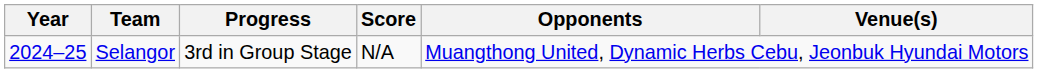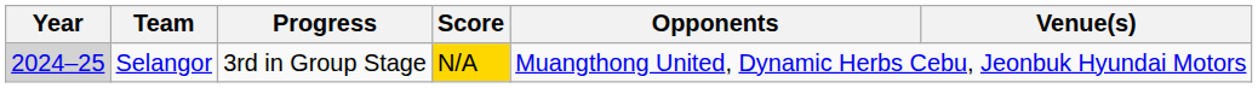 <table class="wikitable">
 <tr>
 <th>Year</th>
 <th>Team</th>
 <th>Progress</th>
 <th>Score</th>
 <th>Opponents</th>
 <th>Venue(s)</th>
 </tr>
 <tr>
-<td><a href='#'>2024–25</a></td>
+<td style="background: lightgrey;"><a href='#'>2024–25</a></td>
 <td><a href='#'>Selangor</a></td>
 <td>3rd in Group Stage</td>
-<td>N/A</td>
+<td style="background: gold;">N/A</td>
 <td colspan="2"> <a href='#'>Muangthong United</a>,  <a href='#'>Dynamic Herbs Cebu</a>,  <a href='#'>Jeonbuk Hyundai Motors</a></td>
 </tr>
 </table>
